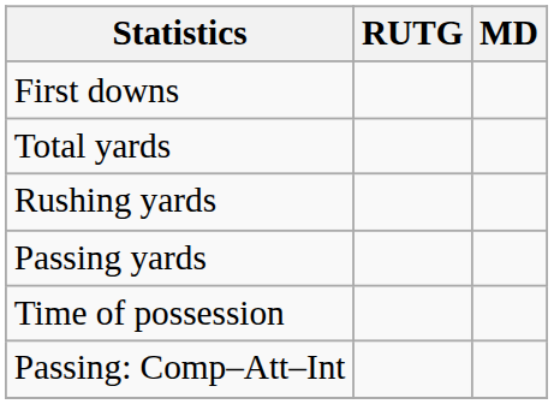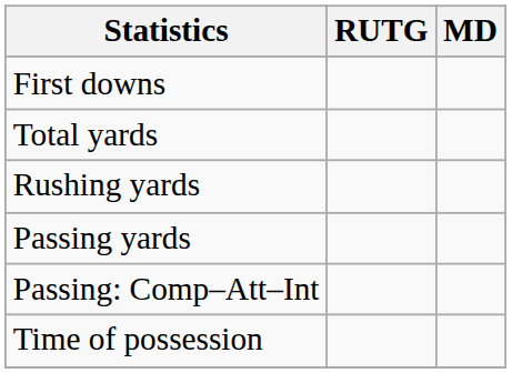 <table class="wikitable" style="float: left;">
 <tr>
 <th>Statistics</th>
 <th>RUTG</th>
 <th>MD</th>
 </tr>
 <tr>
 <td>First downs</td>
 <td></td>
 <td></td>
 </tr>
 <tr>
 <td>Total yards</td>
 <td></td>
 <td></td>
 </tr>
 <tr>
 <td>Rushing yards</td>
 <td></td>
 <td></td>
 </tr>
 <tr>
 <td>Passing yards</td>
 <td></td>
 <td></td>
 </tr>
 <tr>
-<td>Time of possession</td>
+<td>Passing: Comp–Att–Int</td>
 <td></td>
 <td></td>
 </tr>
 <tr>
-<td>Passing: Comp–Att–Int</td>
+<td>Time of possession</td>
 <td></td>
 <td></td>
 </tr>
 <tr>
 </tr>
 </table>
